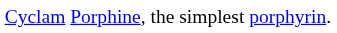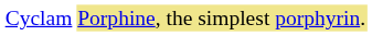 <table>
 <tr>
 <td></td>
 <td></td>
 </tr>
 <tr>
 <td align="center"><a href='#'>Cyclam</a></td>
-<td><a href='#'>Porphine</a>, the simplest <a href='#'>porphyrin</a>.</td>
+<td style="background: khaki;"><a href='#'>Porphine</a>, the simplest <a href='#'>porphyrin</a>.</td>
 </tr>
 </table>
